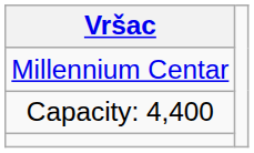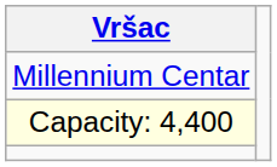 <table class="wikitable" style="text-align:center">
 <tr>
 <th><a href='#'>Vršac</a></th>
 <td rowspan=4></td>
 </tr>
 <tr>
 <td><a href='#'>Millennium Centar</a></td>
 </tr>
 <tr>
-<td>Capacity: 4,400</td>
+<td style="background: lightyellow;">Capacity: 4,400</td>
 </tr>
 <tr>
 <td></td>
 </tr>
 </table>
